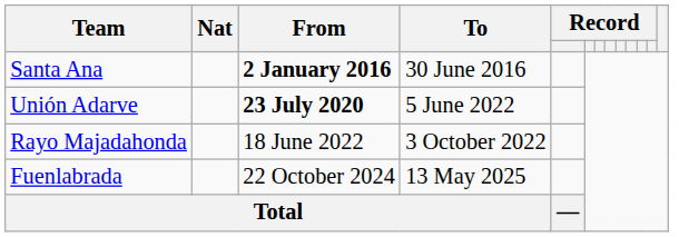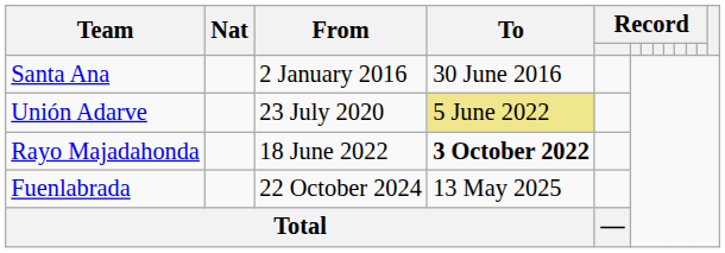 <table class="wikitable" style="text-align: center">
 <tr>
 <th rowspan="2">Team</th>
 <th rowspan="2">Nat</th>
 <th rowspan="2">From</th>
 <th rowspan="2">To</th>
 <th colspan="8">Record</th>
 <th rowspan=2></th>
 </tr>
 <tr>
 <th></th>
 <th></th>
 <th></th>
 <th></th>
 <th></th>
 <th></th>
 <th></th>
 <th></th>
 </tr>
 <tr>
 <td align=left><a href='#'>Santa Ana</a></td>
 <td></td>
-<td align=left><strong>2 January 2016</strong></td>
+<td align=left>2 January 2016</td>
 <td align=left>30 June 2016<br></td>
 <td></td>
 </tr>
 <tr>
 <td align=left><a href='#'>Unión Adarve</a></td>
 <td></td>
-<td align=left><strong>23 July 2020</strong></td>
-<td align=left>5 June 2022<br></td>
+<td align=left>23 July 2020</td>
+<td align=left style="background: khaki;">5 June 2022<br></td>
 <td></td>
 </tr>
 <tr>
 <td align=left><a href='#'>Rayo Majadahonda</a></td>
 <td></td>
 <td align=left>18 June 2022</td>
-<td align=left>3 October 2022<br></td>
+<td align=left><strong>3 October 2022<br></strong></td>
 <td></td>
 </tr>
 <tr>
 <td align=left><a href='#'>Fuenlabrada</a></td>
 <td></td>
 <td align=left>22 October 2024</td>
 <td align=left>13 May 2025<br></td>
 <td></td>
 </tr>
 <tr>
 <th colspan="4">Total<br></th>
 <th>—</th>
 </tr>
 </table>
